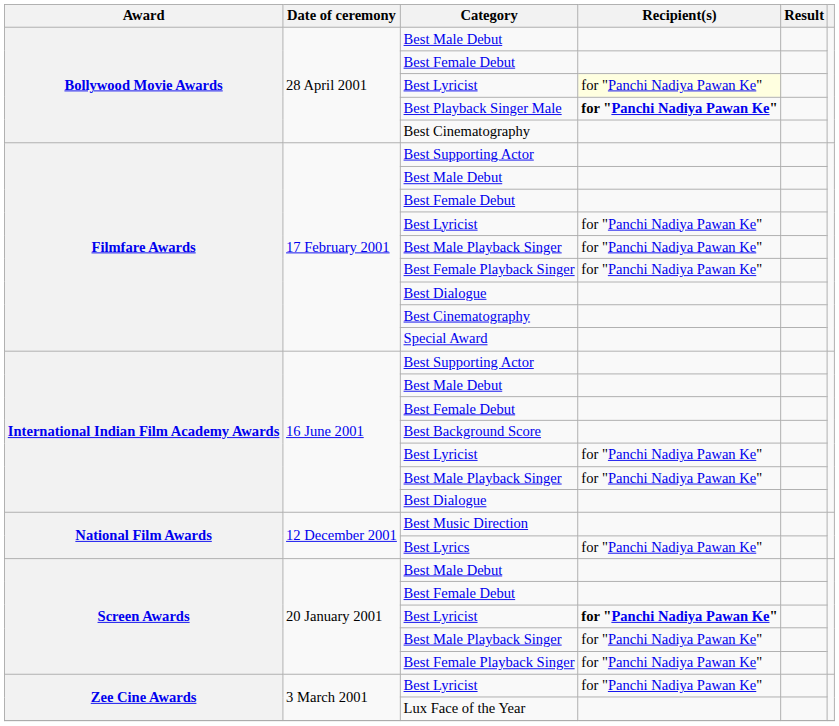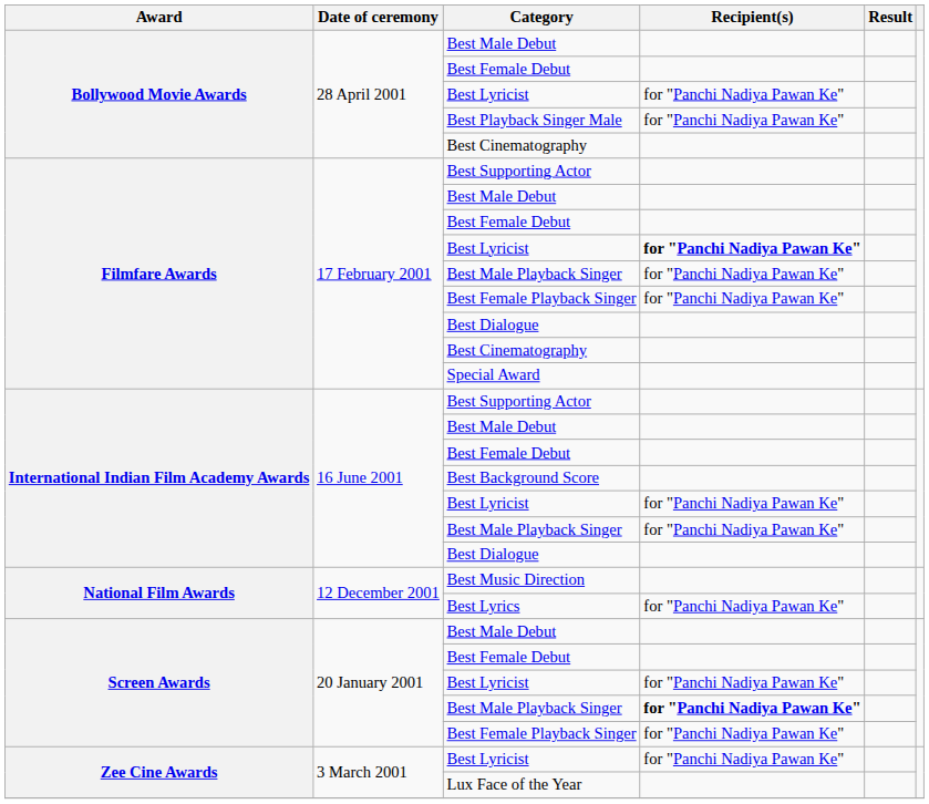 <table class="wikitable plainrowheaders sortable">
 <tr>
 <th scope="col">Award</th>
 <th scope="col">Date of ceremony</th>
 <th scope="col">Category</th>
 <th scope="col">Recipient(s)</th>
 <th scope="col">Result</th>
 <th scope="col" class="unsortable"></th>
 </tr>
 <tr>
 <th scope="row" rowspan="5"><a href='#'>Bollywood Movie Awards</a></th>
 <td rowspan="5">28 April 2001</td>
 <td><a href='#'>Best Male Debut</a></td>
 <td></td>
 <td></td>
 <td style="text-align:center;" rowspan="5"></td>
 </tr>
 <tr>
 <td><a href='#'>Best Female Debut</a></td>
 <td></td>
 <td></td>
 </tr>
 <tr>
 <td><a href='#'>Best Lyricist</a></td>
-<td style="background: lightyellow;"> for "<a href='#'>Panchi Nadiya Pawan Ke</a>"</td>
+<td> for "<a href='#'>Panchi Nadiya Pawan Ke</a>"</td>
 <td></td>
 </tr>
 <tr>
 <td><a href='#'>Best Playback Singer Male</a></td>
-<td><strong> for "<a href='#'>Panchi Nadiya Pawan Ke</a>"</strong></td>
+<td> for "<a href='#'>Panchi Nadiya Pawan Ke</a>"</td>
 <td></td>
 </tr>
 <tr>
 <td>Best Cinematography</td>
 <td></td>
 <td></td>
 </tr>
 <tr>
 <th scope="row" rowspan="9"><a href='#'>Filmfare Awards</a></th>
 <td rowspan="9"><a href='#'>17 February 2001</a></td>
 <td><a href='#'>Best Supporting Actor</a></td>
 <td></td>
 <td></td>
 <td style="text-align:center;" rowspan="9"><br></td>
 </tr>
 <tr>
 <td><a href='#'>Best Male Debut</a></td>
 <td></td>
 <td></td>
 </tr>
 <tr>
 <td><a href='#'>Best Female Debut</a></td>
 <td></td>
 <td></td>
 </tr>
 <tr>
 <td><a href='#'>Best Lyricist</a></td>
-<td> for "<a href='#'>Panchi Nadiya Pawan Ke</a>"</td>
+<td><strong> for "<a href='#'>Panchi Nadiya Pawan Ke</a>"</strong></td>
 <td></td>
 </tr>
 <tr>
 <td><a href='#'>Best Male Playback Singer</a></td>
 <td> for "<a href='#'>Panchi Nadiya Pawan Ke</a>"</td>
 <td></td>
 </tr>
 <tr>
 <td><a href='#'>Best Female Playback Singer</a></td>
 <td> for "<a href='#'>Panchi Nadiya Pawan Ke</a>"</td>
 <td></td>
 </tr>
 <tr>
 <td><a href='#'>Best Dialogue</a></td>
 <td></td>
 <td></td>
 </tr>
 <tr>
 <td><a href='#'>Best Cinematography</a></td>
 <td></td>
 <td></td>
 </tr>
 <tr>
 <td><a href='#'>Special Award</a></td>
 <td></td>
 <td></td>
 </tr>
 <tr>
 <th scope="row" rowspan="7"><a href='#'>International Indian Film Academy Awards</a></th>
 <td rowspan="7"><a href='#'>16 June 2001</a></td>
 <td><a href='#'>Best Supporting Actor</a></td>
 <td></td>
 <td></td>
 <td style="text-align:center;" rowspan="7"><br><br></td>
 </tr>
 <tr>
 <td><a href='#'>Best Male Debut</a></td>
 <td></td>
 <td></td>
 </tr>
 <tr>
 <td><a href='#'>Best Female Debut</a></td>
 <td></td>
 <td></td>
 </tr>
 <tr>
 <td><a href='#'>Best Background Score</a></td>
 <td></td>
 <td></td>
 </tr>
 <tr>
 <td><a href='#'>Best Lyricist</a></td>
 <td> for "<a href='#'>Panchi Nadiya Pawan Ke</a>"</td>
 <td></td>
 </tr>
 <tr>
 <td><a href='#'>Best Male Playback Singer</a></td>
 <td> for "<a href='#'>Panchi Nadiya Pawan Ke</a>"</td>
 <td></td>
 </tr>
 <tr>
 <td><a href='#'>Best Dialogue</a></td>
 <td></td>
 <td></td>
 </tr>
 <tr>
 <th scope="row" rowspan="2"><a href='#'>National Film Awards</a></th>
 <td rowspan="2"><a href='#'>	12 December 2001</a></td>
 <td><a href='#'>Best Music Direction</a></td>
 <td></td>
 <td></td>
 <td style="text-align:center;" rowspan="2"></td>
 </tr>
 <tr>
 <td><a href='#'>Best Lyrics</a></td>
 <td> for "<a href='#'>Panchi Nadiya Pawan Ke</a>"</td>
 <td></td>
 </tr>
 <tr>
 <th scope="row" rowspan="5"><a href='#'>Screen Awards</a></th>
 <td rowspan="5">20 January 2001</td>
 <td><a href='#'>Best Male Debut</a></td>
 <td></td>
 <td></td>
 <td style="text-align:center;" rowspan="5"><br><br></td>
 </tr>
 <tr>
 <td><a href='#'>Best Female Debut</a></td>
 <td></td>
 <td></td>
 </tr>
 <tr>
 <td><a href='#'>Best Lyricist</a></td>
-<td><strong> for "<a href='#'>Panchi Nadiya Pawan Ke</a>"</strong></td>
+<td> for "<a href='#'>Panchi Nadiya Pawan Ke</a>"</td>
 <td></td>
 </tr>
 <tr>
 <td><a href='#'>Best Male Playback Singer</a></td>
-<td> for "<a href='#'>Panchi Nadiya Pawan Ke</a>"</td>
+<td><strong> for "<a href='#'>Panchi Nadiya Pawan Ke</a>"</strong></td>
 <td></td>
 </tr>
 <tr>
 <td><a href='#'>Best Female Playback Singer</a></td>
 <td> for "<a href='#'>Panchi Nadiya Pawan Ke</a>"</td>
 <td></td>
 </tr>
 <tr>
 <th scope="row" rowspan="2"><a href='#'>Zee Cine Awards</a></th>
 <td rowspan="2">3 March 2001</td>
 <td><a href='#'>Best Lyricist</a></td>
 <td> for "<a href='#'>Panchi Nadiya Pawan Ke</a>"</td>
 <td></td>
 <td style="text-align:center;" rowspan="2"><br></td>
 </tr>
 <tr>
 <td>Lux Face of the Year</td>
 <td></td>
 <td></td>
 </tr>
 <tr>
 </tr>
 </table>
